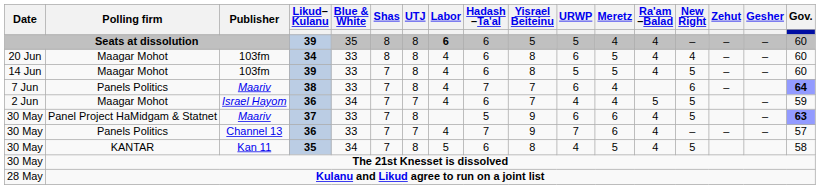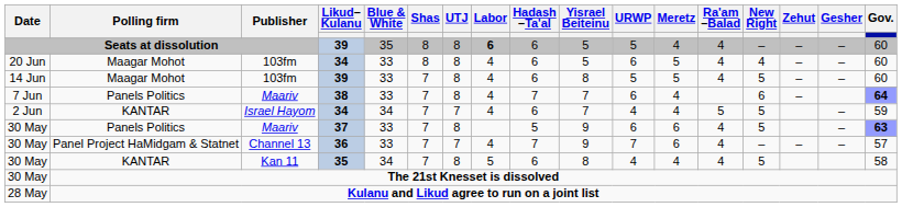 <table class="wikitable sortable" style="text-align:center;font-size:90%;line-height:13px">
 <tr>
 <th rowspan="2">Date</th>
 <th rowspan="2">Polling firm</th>
 <th rowspan="2">Publisher</th>
 <th><a href='#'>Likud</a>–<br><a href='#'>Kulanu</a></th>
 <th><a href='#'>Blue &<br>White</a></th>
 <th><a href='#'>Shas</a></th>
 <th><a href='#'>UTJ</a></th>
 <th><a href='#'>Labor</a></th>
 <th><a href='#'>Hadash</a><br>–<a href='#'>Ta'al</a></th>
 <th><a href='#'>Yisrael<br>Beiteinu</a></th>
 <th><a href='#'>URWP</a></th>
 <th><a href='#'>Meretz</a></th>
 <th><a href='#'>Ra'am</a><br>–<a href='#'>Balad</a></th>
 <th><a href='#'>New<br>Right</a></th>
 <th><a href='#'>Zehut</a></th>
 <th><a href='#'>Gesher</a></th>
 <th>Gov.</th>
 </tr>
 <tr>
 <th style="background:"></th>
 <th style="background:"></th>
 <th style="background:"></th>
 <th style="background:"></th>
 <th style="background:"></th>
 <th style="background:"></th>
 <th style="background:"></th>
 <th style="background:"></th>
 <th style="background:"></th>
 <th style="background:"></th>
 <th style="background:"></th>
 <th style="background:"></th>
 <th style="background:"></th>
 <th style="background:#000EA3;"></th>
 </tr>
 <tr>
 <td style="background:silver" colspan=3><strong>Seats at dissolution</strong></td>
 <td style="background:#BBCDE4"><strong>39</strong>	</td>
 <td style="background:silver">35		</td>
 <td style="background:silver">8		</td>
 <td style="background:silver">8		</td>
 <td style="background:silver"><strong>6		</strong></td>
 <td style="background:silver">6		</td>
 <td style="background:silver">5		</td>
 <td style="background:silver">5		</td>
 <td style="background:silver">4		</td>
 <td style="background:silver">4		</td>
 <td style="background:silver">–		</td>
 <td style="background:silver">–		</td>
 <td style="background:silver">–		</td>
 <td style="background:silver">60		</td>
 </tr>
 <tr>
 <td data-sort-value="2019-06-20">20 Jun</td>
 <td>Maagar Mohot</td>
 <td>103fm</td>
 <td style="background:#BBCDE4"><strong>34</strong>	</td>
 <td>33					</td>
 <td>8					</td>
 <td>8					</td>
 <td>4					</td>
 <td>6					</td>
-<td>8					</td>
+<td>5					</td>
 <td>6					</td>
 <td>5					</td>
 <td>4					</td>
 <td>4					</td>
 <td>–					</td>
 <td>–					</td>
 <td>60					</td>
 </tr>
 <tr>
 <td data-sort-value="2019-06-14">14 Jun</td>
 <td>Maagar Mohot</td>
 <td>103fm</td>
 <td style="background:#BBCDE4"><strong>39</strong>	</td>
 <td>33					</td>
 <td>7					</td>
 <td>8					</td>
 <td>4					</td>
 <td>6					</td>
 <td>8					</td>
 <td>5					</td>
 <td>5					</td>
 <td>4					</td>
 <td>5					</td>
 <td>–					</td>
 <td>–					</td>
 <td>60					</td>
 </tr>
 <tr>
 <td data-sort-value="2019-06-07">7 Jun</td>
 <td>Panels Politics</td>
 <td><em><a href='#'>Maariv</a></em></td>
 <td style="background:#BBCDE4"><strong>38</strong>	</td>
 <td>33					</td>
 <td>7					</td>
 <td>8					</td>
 <td>4					</td>
 <td>7					</td>
 <td>7					</td>
 <td>6					</td>
 <td>4					</td>
 <td>			</td>
 <td>6					</td>
 <td>–					</td>
 <td>			</td>
 <td style="background:#939BFF"><strong>64</strong>	</td>
 </tr>
 <tr>
 <td data-sort-value="2019-06-02">2 Jun</td>
-<td>Maagar Mohot</td>
+<td>KANTAR</td>
 <td><em><a href='#'>Israel Hayom</a></em></td>
-<td style="background:#BBCDE4"><strong>36</strong>	</td>
+<td style="background:#BBCDE4"><strong>34</strong>	</td>
 <td>34					</td>
 <td>7					</td>
 <td>7					</td>
 <td>4					</td>
 <td>6					</td>
 <td>7					</td>
 <td>4					</td>
 <td>4					</td>
 <td>5					</td>
 <td>5					</td>
 <td>				</td>
 <td>–					</td>
 <td>59					</td>
 </tr>
 <tr>
 <td data-sort-value="2019-05-30">30 May</td>
-<td>Panel Project HaMidgam & Statnet</td>
+<td>Panels Politics</td>
 <td><em><a href='#'>Maariv</a></em></td>
 <td style="background:#BBCDE4"><strong>37</strong>	</td>
 <td>33					</td>
 <td>7					</td>
 <td>8					</td>
 <td>			</td>
 <td>5					</td>
 <td>9					</td>
 <td>6					</td>
 <td>6					</td>
 <td>4					</td>
 <td>5					</td>
 <td>			</td>
 <td>–					</td>
 <td style="background:#939BFF"><strong>63</strong>	</td>
 </tr>
 <tr>
 <td data-sort-value="2019-05-30">30 May</td>
-<td>Panels Politics</td>
+<td>Panel Project HaMidgam & Statnet</td>
 <td><a href='#'>Channel 13</a></td>
 <td style="background:#BBCDE4"><strong>36</strong>	</td>
 <td>33					</td>
 <td>7					</td>
 <td>7					</td>
 <td>4					</td>
 <td>7					</td>
 <td>9					</td>
 <td>7					</td>
 <td>6					</td>
 <td>4					</td>
 <td>–					</td>
 <td>–					</td>
 <td>–					</td>
 <td>57					</td>
 </tr>
 <tr>
 <td data-sort-value="2019-05-30">30 May</td>
 <td>KANTAR</td>
 <td><a href='#'>Kan 11</a></td>
 <td style="background:#BBCDE4"><strong>35</strong>	</td>
 <td>34					</td>
 <td>7					</td>
 <td>8					</td>
 <td>5					</td>
 <td>6					</td>
 <td>8					</td>
 <td>4					</td>
-<td>5					</td>
+<td>4					</td>
 <td>4					</td>
 <td>5					</td>
 <td>			</td>
 <td>			</td>
 <td>58					</td>
 </tr>
 <tr>
 <td data-sort-value="2019-05-30">30 May</td>
 <td colspan="16"><strong>The 21st Knesset is dissolved</strong></td>
 </tr>
 <tr>
 <td data-sort-value="2019-05-28">28 May</td>
 <td colspan="16"><strong><a href='#'>Kulanu</a> and <a href='#'>Likud</a> agree to run on a joint list</strong></td>
 </tr>
 </table>
